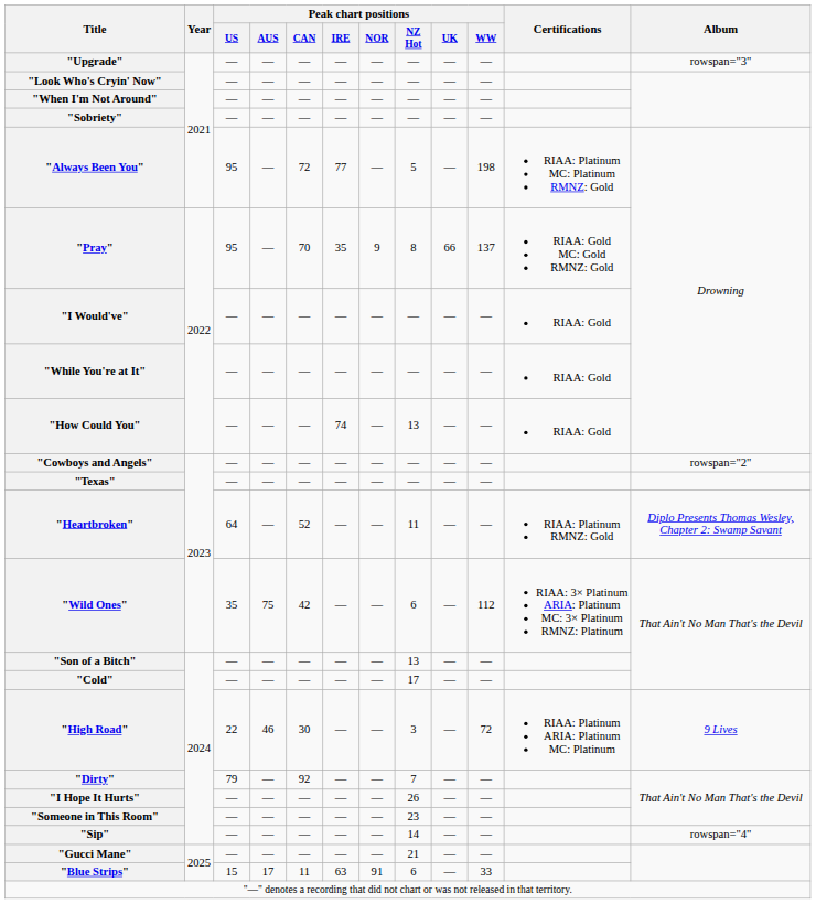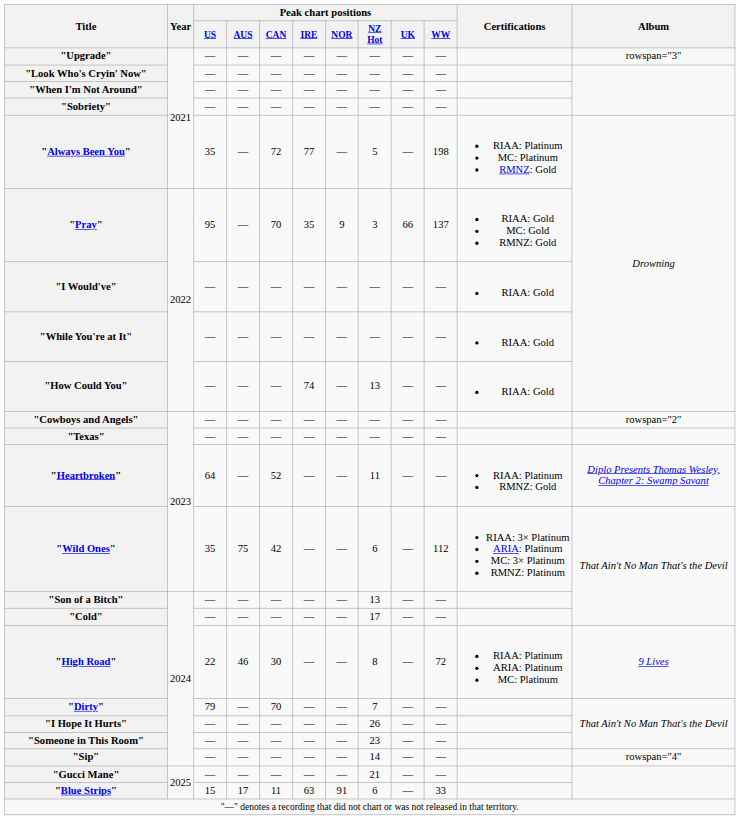 <table class="wikitable plainrowheaders" style="text-align:center;">
 <tr>
 <th scope="col" rowspan="2" style="width:15em;">Title</th>
 <th scope="col" rowspan="2">Year</th>
 <th scope="col" colspan="8">Peak chart positions</th>
 <th scope="col" rowspan="2">Certifications</th>
 <th scope="col" rowspan="2" style="width:15em;">Album</th>
 </tr>
 <tr>
 <th scope="col" style="width:3em;font-size:90%;"><a href='#'>US</a><br></th>
 <th scope="col" style="width:3em;font-size:90%;"><a href='#'>AUS</a><br></th>
 <th scope="col" style="width:3em;font-size:90%;"><a href='#'>CAN</a><br></th>
 <th scope="col" style="width:3em;font-size:90%;"><a href='#'>IRE</a><br></th>
 <th scope="col" style="width:3em;font-size:90%;"><a href='#'>NOR</a><br></th>
 <th scope="col" style="width:3em;font-size:90%;"><a href='#'>NZ<br>Hot</a><br></th>
 <th scope="col" style="width:3em;font-size:90%;"><a href='#'>UK</a><br></th>
 <th scope="col" style="width:3em;font-size:90%;"><a href='#'>WW</a><br></th>
 </tr>
 <tr>
 <th scope="row">"Upgrade"</th>
 <td rowspan="5">2021</td>
 <td>—</td>
 <td>—</td>
 <td>—</td>
 <td>—</td>
 <td>—</td>
 <td>—</td>
 <td>—</td>
 <td>—</td>
 <td></td>
 <td>rowspan="3" </td>
 </tr>
 <tr>
 <th scope="row">"Look Who's Cryin' Now"</th>
 <td>—</td>
 <td>—</td>
 <td>—</td>
 <td>—</td>
 <td>—</td>
 <td>—</td>
 <td>—</td>
 <td>—</td>
 <td></td>
 </tr>
 <tr>
 <th scope="row">"When I'm Not Around"</th>
 <td>—</td>
 <td>—</td>
 <td>—</td>
 <td>—</td>
 <td>—</td>
 <td>—</td>
 <td>—</td>
 <td>—</td>
 <td></td>
 </tr>
 <tr>
 <th scope="row">"Sobriety"</th>
 <td>—</td>
 <td>—</td>
 <td>—</td>
 <td>—</td>
 <td>—</td>
 <td>—</td>
 <td>—</td>
 <td>—</td>
 <td></td>
 </tr>
 <tr>
 <th scope="row">"<a href='#'>Always Been You</a>"</th>
-<td>95</td>
+<td>35</td>
 <td>—</td>
 <td>72</td>
 <td>77</td>
 <td>—</td>
 <td>5</td>
 <td>—</td>
 <td>198</td>
 <td><br><ul><li>RIAA: Platinum</li><li>MC: Platinum</li><li><a href='#'>RMNZ</a>: Gold</li></ul></td>
 <td rowspan="5"><em>Drowning</em></td>
 </tr>
 <tr>
 <th scope="row">"<a href='#'>Pray</a>"</th>
 <td rowspan="4">2022</td>
 <td>95</td>
 <td>—</td>
 <td>70</td>
 <td>35</td>
 <td>9</td>
-<td>8</td>
+<td>3</td>
 <td>66</td>
 <td>137</td>
 <td><br><ul><li>RIAA: Gold</li><li>MC: Gold</li><li>RMNZ: Gold</li></ul></td>
 </tr>
 <tr>
 <th scope="row">"I Would've"</th>
 <td>—</td>
 <td>—</td>
 <td>—</td>
 <td>—</td>
 <td>—</td>
 <td>—</td>
 <td>—</td>
 <td>—</td>
 <td><br><ul><li>RIAA: Gold</li></ul></td>
 </tr>
 <tr>
 <th scope="row">"While You're at It"</th>
 <td>—</td>
 <td>—</td>
 <td>—</td>
 <td>—</td>
 <td>—</td>
 <td>—</td>
 <td>—</td>
 <td>—</td>
 <td><br><ul><li>RIAA: Gold</li></ul></td>
 </tr>
 <tr>
 <th scope="row">"How Could You"</th>
 <td>—</td>
 <td>—</td>
 <td>—</td>
 <td>74</td>
 <td>—</td>
 <td>13</td>
 <td>—</td>
 <td>—</td>
 <td><br><ul><li>RIAA: Gold</li></ul></td>
 </tr>
 <tr>
 <th scope="row">"Cowboys and Angels"</th>
 <td rowspan="4">2023</td>
 <td>—</td>
 <td>—</td>
 <td>—</td>
 <td>—</td>
 <td>—</td>
 <td>—</td>
 <td>—</td>
 <td>—</td>
 <td></td>
 <td>rowspan="2" </td>
 </tr>
 <tr>
 <th scope="row">"Texas" <br></th>
 <td>—</td>
 <td>—</td>
 <td>—</td>
 <td>—</td>
 <td>—</td>
 <td>—</td>
 <td>—</td>
 <td>—</td>
 <td></td>
 </tr>
 <tr>
 <th scope="row">"<a href='#'>Heartbroken</a>"<br></th>
 <td>64</td>
 <td>—</td>
 <td>52</td>
 <td>—</td>
 <td>—</td>
 <td>11</td>
 <td>—</td>
 <td>—</td>
 <td><br><ul><li>RIAA: Platinum</li><li>RMNZ: Gold</li></ul></td>
 <td><em><a href='#'>Diplo Presents Thomas Wesley, Chapter 2: Swamp Savant</a></em></td>
 </tr>
 <tr>
 <th scope="row">"<a href='#'>Wild Ones</a>"<br></th>
 <td>35</td>
 <td>75</td>
 <td>42</td>
 <td>—</td>
 <td>—</td>
 <td>6</td>
 <td>—</td>
 <td>112</td>
 <td><br><ul><li>RIAA: 3× Platinum</li><li><a href='#'>ARIA</a>: Platinum</li><li>MC: 3× Platinum</li><li>RMNZ: Platinum</li></ul></td>
 <td rowspan="3"><em>That Ain't No Man That's the Devil</em></td>
 </tr>
 <tr>
 <th scope="row">"Son of a Bitch"</th>
 <td rowspan="7">2024</td>
 <td>—</td>
 <td>—</td>
 <td>—</td>
 <td>—</td>
 <td>—</td>
 <td>13</td>
 <td>—</td>
 <td>—</td>
 <td></td>
 </tr>
 <tr>
 <th scope="row">"Cold"</th>
 <td>—</td>
 <td>—</td>
 <td>—</td>
 <td>—</td>
 <td>—</td>
 <td>17</td>
 <td>—</td>
 <td>—</td>
 <td></td>
 </tr>
 <tr>
 <th scope="row">"<a href='#'>High Road</a>" <br></th>
 <td>22</td>
 <td>46</td>
 <td>30</td>
 <td>—</td>
 <td>—</td>
-<td>3</td>
+<td>8</td>
 <td>—</td>
 <td>72</td>
 <td><br><ul><li>RIAA: Platinum</li><li>ARIA: Platinum</li><li>MC: Platinum</li></ul></td>
 <td><em><a href='#'>9 Lives</a></em></td>
 </tr>
 <tr>
 <th scope="row">"<a href='#'>Dirty</a>"<br></th>
 <td>79</td>
 <td>—</td>
-<td>92</td>
+<td>70</td>
 <td>—</td>
 <td>—</td>
 <td>7</td>
 <td>—</td>
 <td>—</td>
 <td></td>
 <td rowspan ="3"><em>That Ain't No Man That's the Devil</em></td>
 </tr>
 <tr>
 <th scope="row">"I Hope It Hurts"</th>
 <td>—</td>
 <td>—</td>
 <td>—</td>
 <td>—</td>
 <td>—</td>
 <td>26</td>
 <td>—</td>
 <td>—</td>
 <td></td>
 </tr>
 <tr>
 <th scope="row">"Someone in This Room" <br></th>
 <td>—</td>
 <td>—</td>
 <td>—</td>
 <td>—</td>
 <td>—</td>
 <td>23</td>
 <td>—</td>
 <td>—</td>
 <td></td>
 </tr>
 <tr>
 <th scope="row">"Sip"</th>
 <td>—</td>
 <td>—</td>
 <td>—</td>
 <td>—</td>
 <td>—</td>
 <td>14</td>
 <td>—</td>
 <td>—</td>
 <td></td>
 <td>rowspan="4" </td>
 </tr>
 <tr>
 <th scope="row">"Gucci Mane"</th>
 <td rowspan="2">2025</td>
 <td>—</td>
 <td>—</td>
 <td>—</td>
 <td>—</td>
 <td>—</td>
 <td>21</td>
 <td>—</td>
 <td>—</td>
 <td></td>
 </tr>
 <tr>
 <th scope="row">"<a href='#'>Blue Strips</a>"</th>
 <td>15</td>
 <td>17</td>
 <td>11</td>
 <td>63</td>
 <td>91</td>
 <td>6</td>
 <td>—</td>
 <td>33</td>
 <td></td>
 </tr>
 <tr>
 <td colspan="12" style="font-size:90%">"—" denotes a recording that did not chart or was not released in that territory.</td>
 </tr>
 </table>
